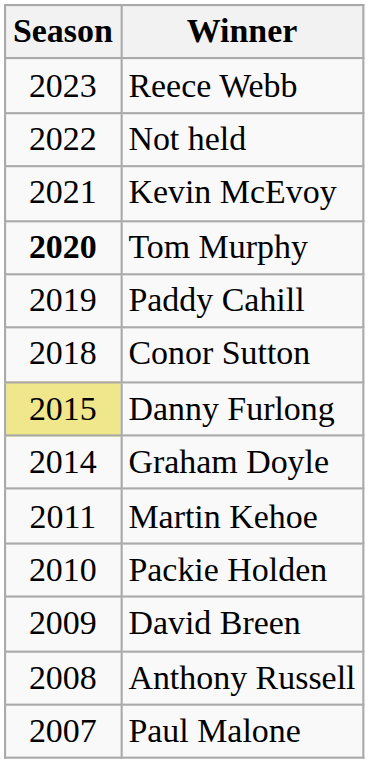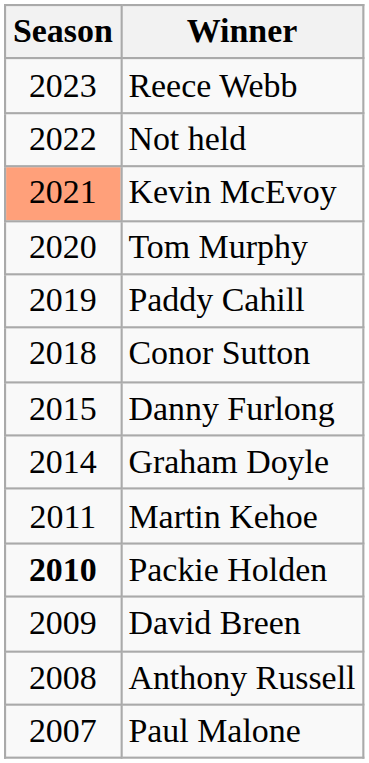 <table class="wikitable" style="text-align: center;">
 <tr>
 <th>Season</th>
 <th>Winner</th>
 </tr>
 <tr>
 <td>2023</td>
 <td align="left"> Reece Webb</td>
 </tr>
 <tr>
 <td>2022</td>
 <td align="left">Not held</td>
 </tr>
 <tr>
-<td>2021</td>
+<td style="background: lightsalmon;">2021</td>
 <td align="left"> Kevin McEvoy</td>
 </tr>
 <tr>
-<td><strong>2020</strong></td>
+<td>2020</td>
 <td align="left"> Tom Murphy</td>
 </tr>
 <tr>
 <td>2019</td>
 <td align="left"> Paddy Cahill</td>
 </tr>
 <tr>
 <td>2018</td>
 <td align="left"> Conor Sutton</td>
 </tr>
 <tr>
-<td style="background: khaki;">2015</td>
+<td>2015</td>
 <td align="left"> Danny Furlong</td>
 </tr>
 <tr>
 <td>2014</td>
 <td align="left"> Graham Doyle</td>
 </tr>
 <tr>
 <td>2011</td>
 <td align="left"> Martin Kehoe</td>
 </tr>
 <tr>
-<td>2010</td>
+<td><strong>2010</strong></td>
 <td align="left"> Packie Holden</td>
 </tr>
 <tr>
 <td>2009</td>
 <td align="left"> David Breen</td>
 </tr>
 <tr>
 <td>2008</td>
 <td align="left"> Anthony Russell</td>
 </tr>
 <tr>
 <td>2007</td>
 <td align="left"> Paul Malone</td>
 </tr>
 </table>
